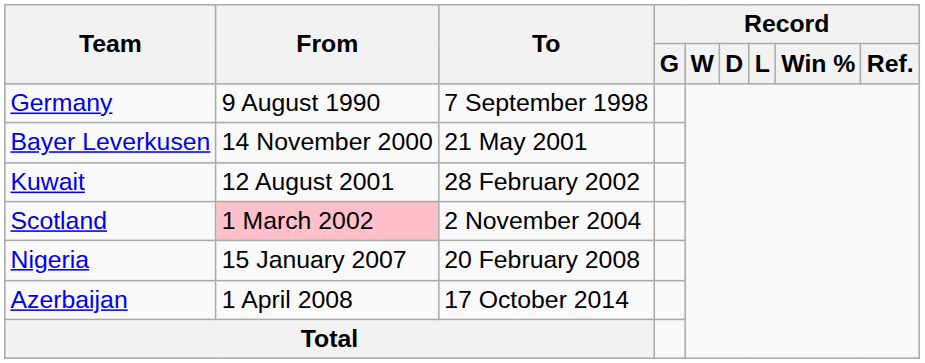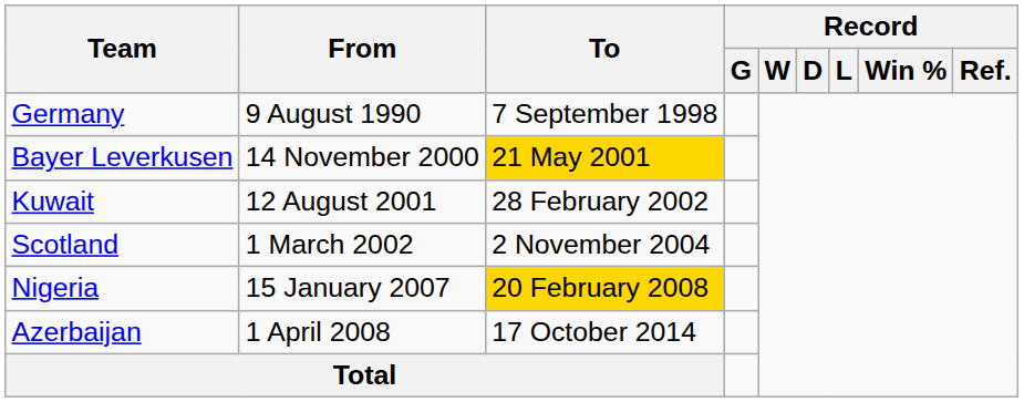 <table class="wikitable" style="text-align: center">
 <tr>
 <th rowspan="2">Team</th>
 <th rowspan="2">From</th>
 <th rowspan="2">To</th>
 <th colspan="6">Record</th>
 </tr>
 <tr>
 <th>G</th>
 <th>W</th>
 <th>D</th>
 <th>L</th>
 <th>Win %</th>
 <th>Ref.</th>
 </tr>
 <tr>
 <td align=left><a href='#'>Germany</a></td>
 <td align=left>9 August 1990</td>
 <td align=left>7 September 1998<br></td>
 <td></td>
 </tr>
 <tr>
 <td align=left><a href='#'>Bayer Leverkusen</a></td>
 <td align=left>14 November 2000</td>
-<td align=left>21 May 2001<br></td>
+<td align=left style="background: gold;">21 May 2001<br></td>
 <td></td>
 </tr>
 <tr>
 <td align=left><a href='#'>Kuwait</a></td>
 <td align=left>12 August 2001</td>
 <td align=left>28 February 2002<br></td>
 <td></td>
 </tr>
 <tr>
 <td align=left><a href='#'>Scotland</a></td>
-<td align=left style="background: pink;">1 March 2002</td>
+<td align=left>1 March 2002</td>
 <td align=left>2 November 2004<br></td>
 <td></td>
 </tr>
 <tr>
 <td align=left><a href='#'>Nigeria</a></td>
 <td align=left>15 January 2007</td>
-<td align=left>20 February 2008<br></td>
+<td align=left style="background: gold;">20 February 2008<br></td>
 <td></td>
 </tr>
 <tr>
 <td align=left><a href='#'>Azerbaijan</a></td>
 <td align=left>1 April 2008</td>
 <td align=left>17 October 2014<br></td>
 <td></td>
 </tr>
 <tr>
 <th colspan="3">Total<br></th>
 <td></td>
 </tr>
 </table>
